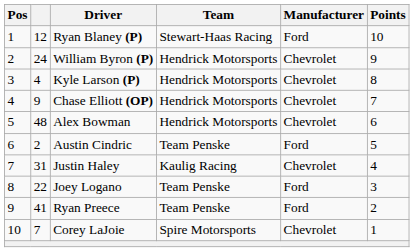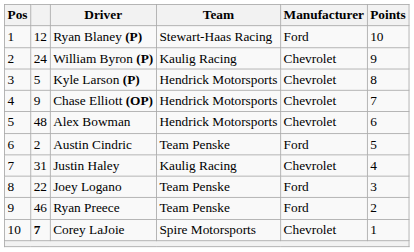 <table class="wikitable" style="font-size:98%">
 <tr>
 <th>Pos</th>
 <th></th>
 <th>Driver</th>
 <th>Team</th>
 <th>Manufacturer</th>
 <th>Points</th>
 </tr>
 <tr>
 <td>1</td>
 <td>12</td>
 <td>Ryan Blaney <strong>(P)</strong></td>
 <td>Stewart-Haas Racing</td>
 <td>Ford</td>
 <td>10</td>
 </tr>
 <tr>
 <td>2</td>
 <td>24</td>
 <td>William Byron <strong>(P)</strong></td>
-<td>Hendrick Motorsports</td>
+<td>Kaulig Racing</td>
 <td>Chevrolet</td>
 <td>9</td>
 </tr>
 <tr>
 <td>3</td>
-<td>4</td>
+<td>5</td>
 <td>Kyle Larson <strong>(P)</strong></td>
 <td>Hendrick Motorsports</td>
 <td>Chevrolet</td>
 <td>8</td>
 </tr>
 <tr>
 <td>4</td>
 <td>9</td>
 <td>Chase Elliott <strong>(OP)</strong></td>
 <td>Hendrick Motorsports</td>
 <td>Chevrolet</td>
 <td>7</td>
 </tr>
 <tr>
 <td>5</td>
 <td>48</td>
 <td>Alex Bowman</td>
 <td>Hendrick Motorsports</td>
 <td>Chevrolet</td>
 <td>6</td>
 </tr>
 <tr>
 <td>6</td>
 <td>2</td>
 <td>Austin Cindric</td>
 <td>Team Penske</td>
 <td>Ford</td>
 <td>5</td>
 </tr>
 <tr>
 <td>7</td>
 <td>31</td>
 <td>Justin Haley</td>
 <td>Kaulig Racing</td>
 <td>Chevrolet</td>
 <td>4</td>
 </tr>
 <tr>
 <td>8</td>
 <td>22</td>
 <td>Joey Logano</td>
 <td>Team Penske</td>
 <td>Ford</td>
 <td>3</td>
 </tr>
 <tr>
 <td>9</td>
-<td>41</td>
+<td>46</td>
 <td>Ryan Preece</td>
 <td>Team Penske</td>
 <td>Ford</td>
 <td>2</td>
 </tr>
 <tr>
 <td>10</td>
-<td>7</td>
+<td><strong>7</strong></td>
 <td>Corey LaJoie</td>
 <td>Spire Motorsports</td>
 <td>Chevrolet</td>
 <td>1</td>
 </tr>
 <tr>
 <th colspan="6"></th>
 </tr>
 </table>
